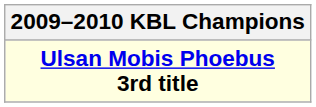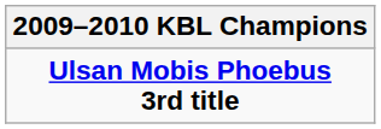 <table class=wikitable style="text-align:center; margin:auto">
 <tr>
 <th>2009–2010 KBL Champions</th>
 </tr>
 <tr>
-<td style="background: lightyellow;"><strong><a href='#'>Ulsan Mobis Phoebus</a></strong><br><strong>3rd title</strong></td>
+<td><strong><a href='#'>Ulsan Mobis Phoebus</a></strong><br><strong>3rd title</strong></td>
 </tr>
 </table>
